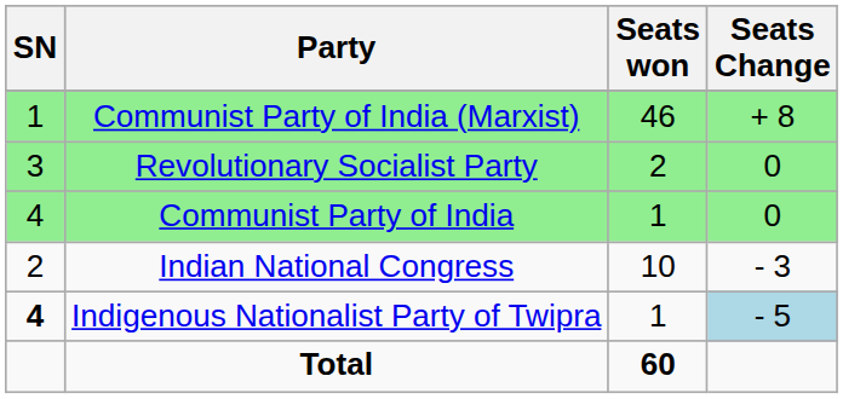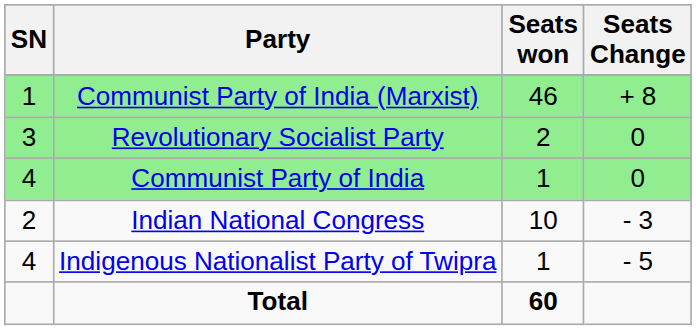 <table class="wikitable sortable" style="text-align:center;">
 <tr bgcolor="#cccccc">
 <th>SN</th>
 <th>Party</th>
 <th>Seats<br>won</th>
 <th>Seats<br>Change</th>
 </tr>
 <tr>
 </tr>
 <tr style="background: #90EE90;">
 <td>1</td>
 <td><a href='#'>Communist Party of India (Marxist)</a></td>
 <td>46</td>
 <td>+ 8</td>
 </tr>
 <tr style="background: #90EE90;">
 <td>3</td>
 <td><a href='#'>Revolutionary Socialist Party</a></td>
 <td>2</td>
 <td>0</td>
 </tr>
 <tr style="background: #90EE90;">
 <td>4</td>
 <td><a href='#'>Communist Party of India</a></td>
 <td>1</td>
 <td>0</td>
 </tr>
 <tr>
 <td>2</td>
 <td><a href='#'>Indian National Congress</a></td>
 <td>10</td>
 <td>- 3</td>
 </tr>
 <tr>
-<td><strong>4</strong></td>
+<td>4</td>
 <td><a href='#'>Indigenous Nationalist Party of Twipra</a></td>
 <td>1</td>
-<td style="background: lightblue;">- 5</td>
+<td>- 5</td>
 </tr>
 <tr>
 <td></td>
 <td><strong>Total</strong></td>
 <td><strong>60</strong></td>
 <td></td>
 </tr>
 </table>
